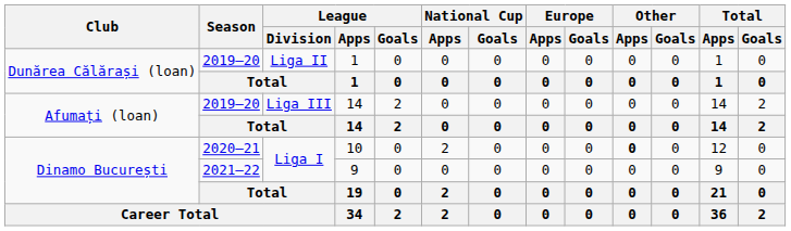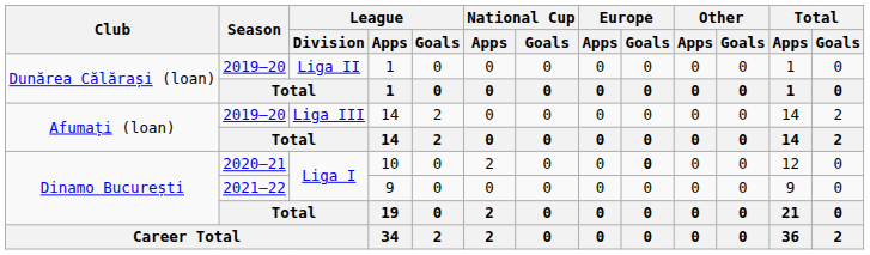 <table class=wikitable style=text-align:center>
 <tr>
 <th rowspan=2>Club</th>
 <th rowspan=2>Season</th>
 <th colspan=3>League</th>
 <th colspan=2>National Cup</th>
 <th colspan=2>Europe</th>
 <th colspan=2>Other</th>
 <th colspan=2>Total</th>
 </tr>
 <tr>
 <th>Division</th>
 <th>Apps</th>
 <th>Goals</th>
 <th>Apps</th>
 <th>Goals</th>
 <th>Apps</th>
 <th>Goals</th>
 <th>Apps</th>
 <th>Goals</th>
 <th>Apps</th>
 <th>Goals</th>
 </tr>
 <tr>
 <td rowspan="2"><a href='#'>Dunărea Călărași</a> (loan)</td>
 <td><a href='#'>2019–20</a></td>
 <td rowspan="1"><a href='#'>Liga II</a></td>
 <td>1</td>
 <td>0</td>
 <td>0</td>
 <td>0</td>
 <td>0</td>
 <td>0</td>
 <td>0</td>
 <td>0</td>
 <td>1</td>
 <td>0</td>
 </tr>
 <tr>
 <th colspan="2">Total</th>
 <th>1</th>
 <th>0</th>
 <th>0</th>
 <th>0</th>
 <th>0</th>
 <th>0</th>
 <th>0</th>
 <th>0</th>
 <th>1</th>
 <th>0</th>
 </tr>
 <tr>
 <td rowspan="2"><a href='#'>Afumați</a> (loan)</td>
 <td><a href='#'>2019–20</a></td>
 <td rowspan="1"><a href='#'>Liga III</a></td>
 <td>14</td>
 <td>2</td>
 <td>0</td>
 <td>0</td>
 <td>0</td>
 <td>0</td>
 <td>0</td>
 <td>0</td>
 <td>14</td>
 <td>2</td>
 </tr>
 <tr>
 <th colspan="2">Total</th>
 <th>14</th>
 <th>2</th>
 <th>0</th>
 <th>0</th>
 <th>0</th>
 <th>0</th>
 <th>0</th>
 <th>0</th>
 <th>14</th>
 <th>2</th>
 </tr>
 <tr>
 <td rowspan="3"><a href='#'>Dinamo București</a></td>
 <td><a href='#'>2020–21</a></td>
 <td rowspan="2"><a href='#'>Liga I</a></td>
 <td>10</td>
 <td>0</td>
 <td>2</td>
 <td>0</td>
 <td>0</td>
+<td><strong>0</strong></td>
 <td>0</td>
-<td><strong>0</strong></td>
 <td>0</td>
 <td>12</td>
 <td>0</td>
 </tr>
 <tr>
 <td><a href='#'>2021–22</a></td>
 <td>9</td>
 <td>0</td>
 <td>0</td>
 <td>0</td>
 <td>0</td>
 <td>0</td>
 <td>0</td>
 <td>0</td>
 <td>9</td>
 <td>0</td>
 </tr>
 <tr>
 <th colspan="2">Total</th>
 <th>19</th>
 <th>0</th>
 <th>2</th>
 <th>0</th>
 <th>0</th>
 <th>0</th>
 <th>0</th>
 <th>0</th>
 <th>21</th>
 <th>0</th>
 </tr>
 <tr>
 <th colspan="3">Career Total</th>
 <th>34</th>
 <th>2</th>
 <th>2</th>
 <th>0</th>
 <th>0</th>
 <th>0</th>
 <th>0</th>
 <th>0</th>
 <th>36</th>
 <th>2</th>
 </tr>
 </table>
